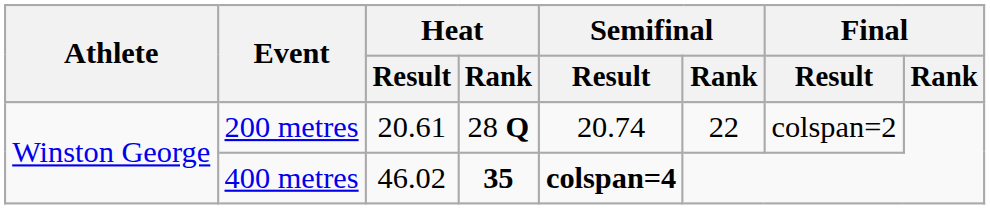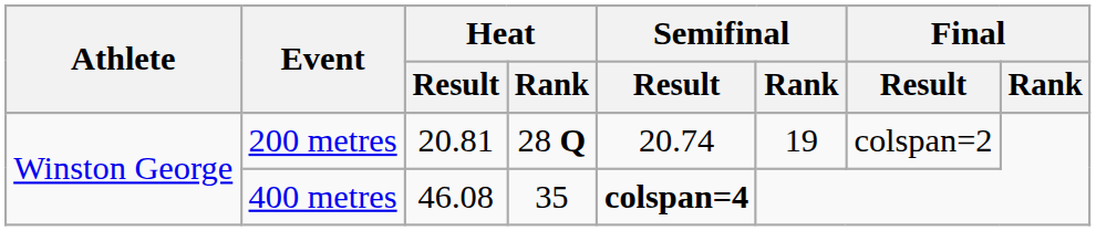 <table class=wikitable style=font-size:90%>
 <tr>
 <th rowspan=2>Athlete</th>
 <th rowspan=2>Event</th>
 <th colspan=2>Heat</th>
 <th colspan=2>Semifinal</th>
 <th colspan=2>Final</th>
 </tr>
 <tr style=font-size:95%>
 <th>Result</th>
 <th>Rank</th>
 <th>Result</th>
 <th>Rank</th>
 <th>Result</th>
 <th>Rank</th>
 </tr>
 <tr align=center>
 <td align=left rowspan=2><a href='#'>Winston George</a></td>
 <td align=left><a href='#'>200 metres</a></td>
-<td>20.61</td>
+<td>20.81</td>
 <td>28 <strong>Q</strong></td>
 <td>20.74</td>
-<td>22</td>
+<td>19</td>
 <td>colspan=2 </td>
 </tr>
 <tr align=center>
 <td align=left><a href='#'>400 metres</a></td>
-<td>46.02</td>
-<td><strong>35</strong></td>
+<td>46.08</td>
+<td>35</td>
 <td><strong>colspan=4 </strong></td>
 </tr>
 </table>
